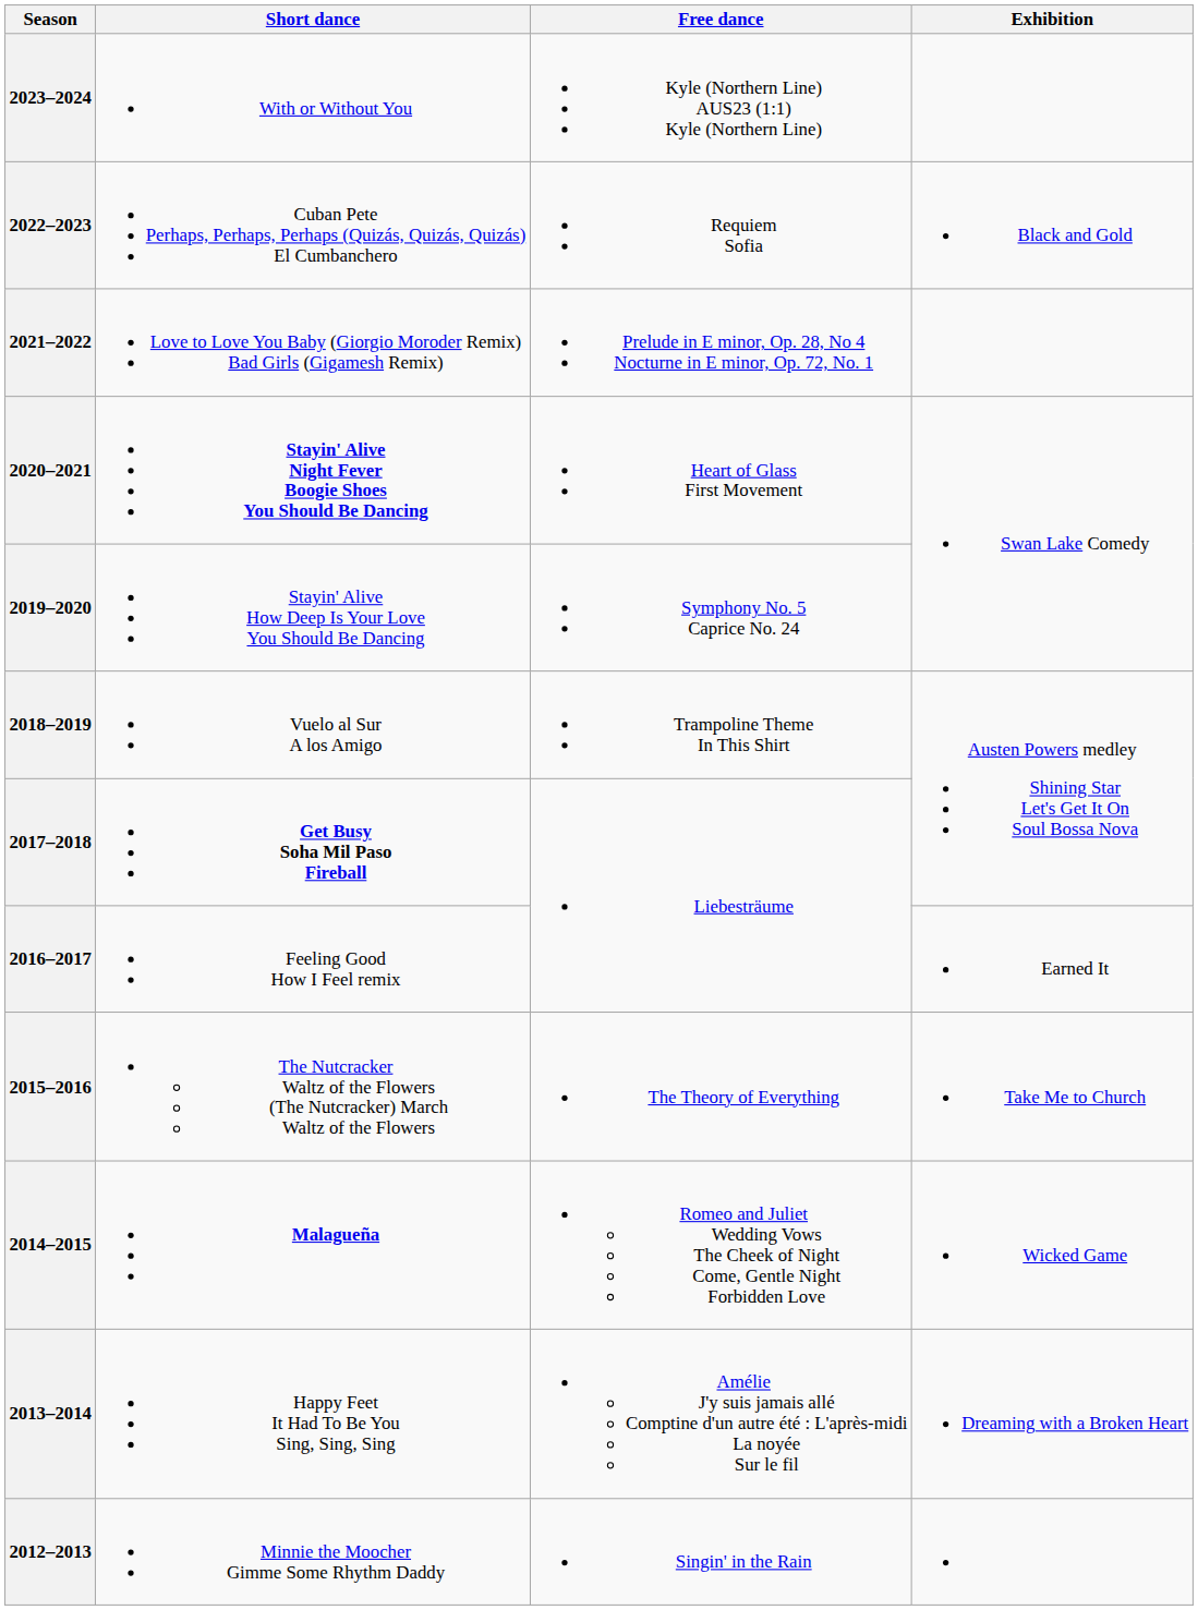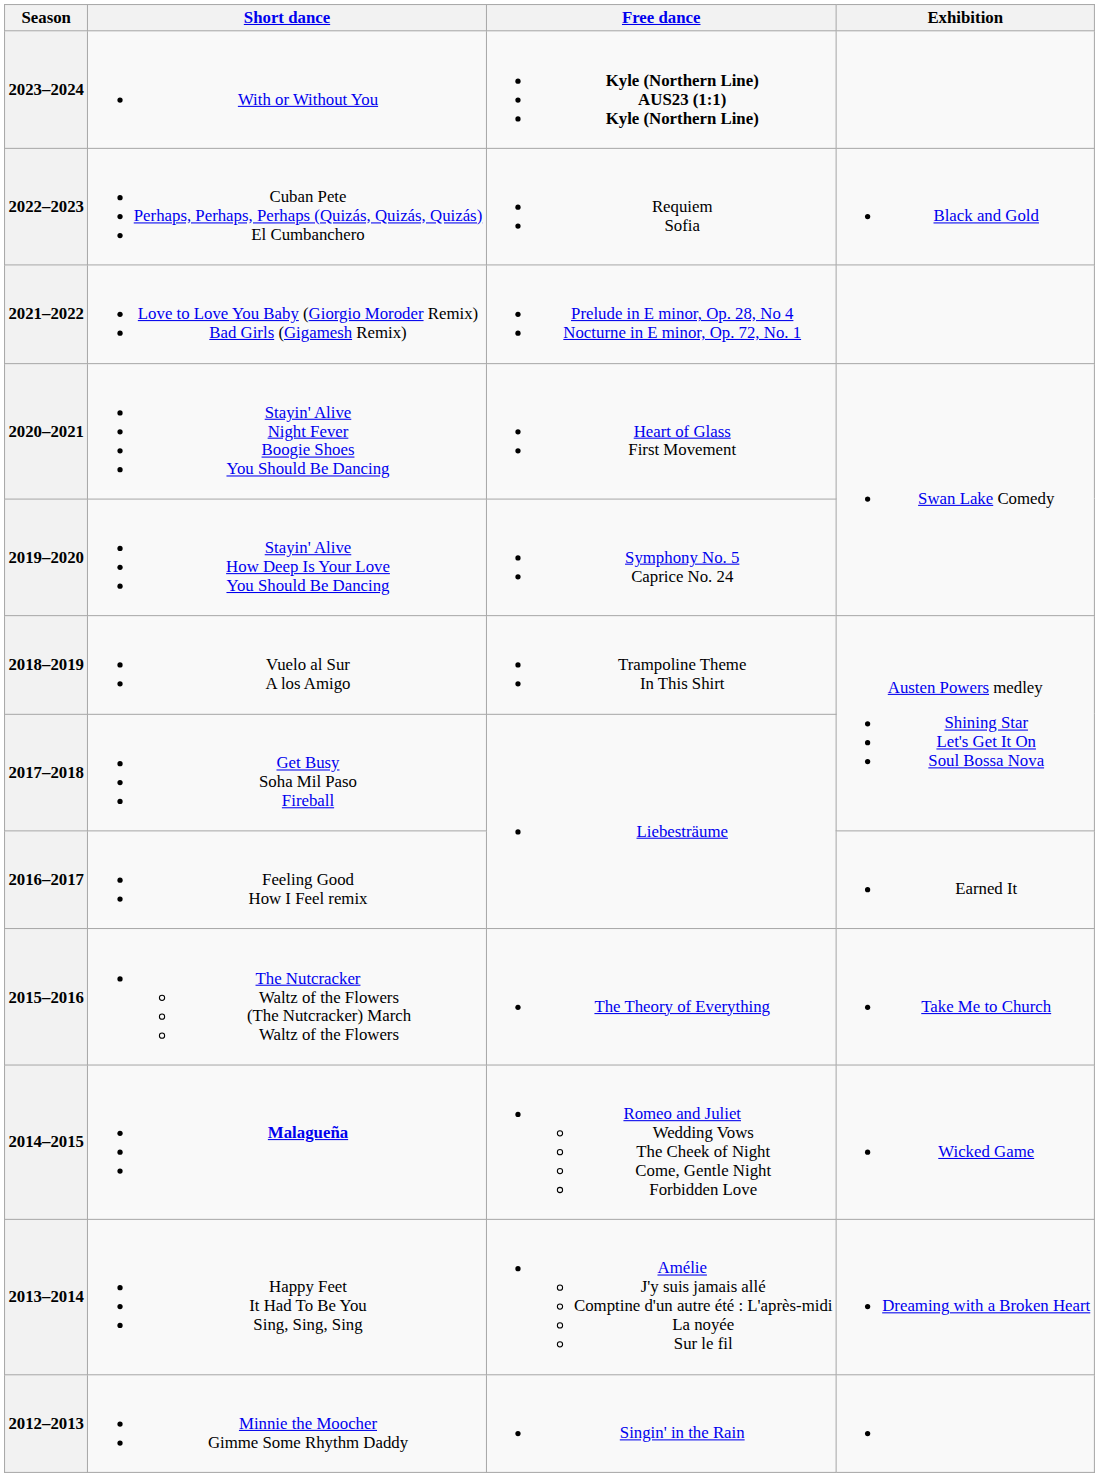 <table class=wikitable style=text-align:center>
 <tr>
 <th>Season</th>
 <th><a href='#'>Short dance</a></th>
 <th><a href='#'>Free dance</a></th>
 <th>Exhibition</th>
 </tr>
 <tr>
 <th>2023–2024 <br> </th>
 <td><br><ul><li><a href='#'>With or Without You</a> <br> </li></ul></td>
-<td><br><ul><li>Kyle (Northern Line) <br> </li><li>AUS23 (1:1) <br> </li><li>Kyle (Northern Line) <br> </li></ul></td>
+<td><strong><br><ul><li>Kyle (Northern Line) <br> </li><li>AUS23 (1:1) <br> </li><li>Kyle (Northern Line) <br> </li></ul></strong></td>
 <td></td>
 </tr>
 <tr>
 <th>2022–2023 <br> </th>
 <td><br><ul><li> Cuban Pete <br> </li><li> <a href='#'>Perhaps, Perhaps, Perhaps (Quizás, Quizás, Quizás)</a> <br> </li><li>  El Cumbanchero <br> </li></ul></td>
 <td><br><ul><li>Requiem <br> </li><li>Sofia <br> </li></ul></td>
 <td><br><ul><li><a href='#'>Black and Gold</a> <br></li></ul></td>
 </tr>
 <tr>
 <th>2021–2022 <br> </th>
 <td><br><ul><li> <a href='#'>Love to Love You Baby</a> (<a href='#'>Giorgio Moroder</a> Remix)</li><li> <a href='#'>Bad Girls</a> (<a href='#'>Gigamesh</a> Remix) <br> </li></ul></td>
 <td><br><ul><li><a href='#'>Prelude in E minor, Op. 28, No 4</a></li><li><a href='#'>Nocturne in E minor, Op. 72, No. 1</a> <br> </li></ul></td>
 <td></td>
 </tr>
 <tr>
 <th>2020–2021 <br> </th>
-<td><strong><br><ul><li> <a href='#'>Stayin' Alive</a> <br> </li><li> <a href='#'>Night Fever</a> <br> </li><li> <a href='#'>Boogie Shoes</a> <br> </li><li> <a href='#'>You Should Be Dancing</a> <br> </li></ul></strong></td>
+<td><br><ul><li> <a href='#'>Stayin' Alive</a> <br> </li><li> <a href='#'>Night Fever</a> <br> </li><li> <a href='#'>Boogie Shoes</a> <br> </li><li> <a href='#'>You Should Be Dancing</a> <br> </li></ul></td>
 <td><br><ul><li><a href='#'>Heart of Glass</a> <br> </li><li>First Movement <br> </li></ul></td>
 <td rowspan=2><br><ul><li><a href='#'>Swan Lake</a> Comedy</li></ul></td>
 </tr>
 <tr>
 <th>2019–2020 <br></th>
 <td><br><ul><li> <a href='#'>Stayin' Alive</a> <br> </li><li> <a href='#'>How Deep Is Your Love</a> <br> </li><li> <a href='#'>You Should Be Dancing</a> <br> </li></ul></td>
 <td><br><ul><li><a href='#'>Symphony No. 5</a> <br> </li><li>Caprice No. 24 <br> </li></ul></td>
 </tr>
 <tr>
 <th>2018–2019 <br></th>
 <td><br><ul><li> Vuelo al Sur <br> </li><li> A los Amigo <br> </li></ul></td>
 <td><br><ul><li>Trampoline Theme</li><li>In This Shirt <br> </li></ul></td>
 <td rowspan=2><br><a href='#'>Austen Powers</a> medley<ul><li><a href='#'>Shining Star</a> <br></li><li><a href='#'>Let's Get It On</a> <br></li><li><a href='#'>Soul Bossa Nova</a> <br></li></ul></td>
 </tr>
 <tr>
 <th>2017–2018 <br></th>
-<td><strong><br><ul><li> <a href='#'>Get Busy</a> <br> </li><li> Soha Mil Paso <br> </li><li> <a href='#'>Fireball</a> <br> </li></ul></strong></td>
+<td><br><ul><li> <a href='#'>Get Busy</a> <br> </li><li> Soha Mil Paso <br> </li><li> <a href='#'>Fireball</a> <br> </li></ul></td>
 <td rowspan=2><br><ul><li><a href='#'>Liebesträume</a> <br></li></ul></td>
 </tr>
 <tr>
 <th>2016–2017 <br></th>
 <td><br><ul><li> Feeling Good <br></li><li> How I Feel remix <br></li></ul></td>
 <td><br><ul><li>Earned It<br> </li></ul></td>
 </tr>
 <tr>
 <th>2015–2016 <br> </th>
 <td><br><ul><li><a href='#'>The Nutcracker</a> <br><ul><li> Waltz of the Flowers</li><li> (The Nutcracker) March</li><li> Waltz of the Flowers <br></li></ul></li></ul></td>
 <td><br><ul><li><a href='#'>The Theory of Everything</a> <br></li></ul></td>
 <td><br><ul><li><a href='#'>Take Me to Church</a> <br></li></ul></td>
 </tr>
 <tr>
 <th>2014–2015 <br> </th>
 <td><strong><br><ul><li> <a href='#'>Malagueña</a> <br></li><li></li><li></li></ul></strong></td>
 <td><br><ul><li><a href='#'>Romeo and Juliet</a> <br><ul><li>Wedding Vows</li><li>The Cheek of Night</li><li>Come, Gentle Night</li><li>Forbidden Love</li></ul></li></ul></td>
 <td><br><ul><li><a href='#'>Wicked Game</a></li></ul></td>
 </tr>
 <tr>
 <th>2013–2014 <br> </th>
 <td><br><ul><li>Happy Feet</li><li>It Had To Be You <br></li><li>Sing, Sing, Sing</li></ul></td>
 <td><br><ul><li><a href='#'>Amélie</a> <br><ul><li>J'y suis jamais allé</li><li>Comptine d'un autre été : L'après-midi</li><li>La noyée</li><li>Sur le fil</li></ul></li></ul></td>
 <td><br><ul><li><a href='#'>Dreaming with a Broken Heart</a></li></ul></td>
 </tr>
 <tr>
 <th>2012–2013 <br> </th>
 <td><br><ul><li><a href='#'>Minnie the Moocher</a> <br></li><li>Gimme Some Rhythm Daddy <br></li></ul></td>
 <td><br><ul><li><a href='#'>Singin' in the Rain</a> <br></li></ul></td>
 <td><br><ul><li></li></ul></td>
 </tr>
 </table>
